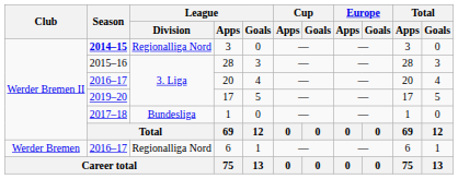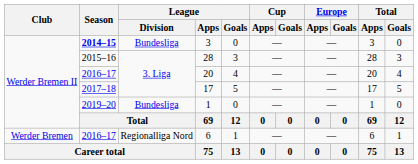 <table class="wikitable" style="text-align: center">
 <tr>
 <th rowspan="2">Club</th>
 <th rowspan="2">Season</th>
 <th colspan="3">League</th>
 <th colspan="2">Cup</th>
 <th colspan="2"><a href='#'>Europe</a></th>
 <th colspan="2">Total</th>
 </tr>
 <tr>
 <th>Division</th>
 <th>Apps</th>
 <th>Goals</th>
 <th>Apps</th>
 <th>Goals</th>
 <th>Apps</th>
 <th>Goals</th>
 <th>Apps</th>
 <th>Goals</th>
 </tr>
 <tr>
 <td rowspan="6"><a href='#'>Werder Bremen II</a></td>
 <td><strong><a href='#'>2014–15</a></strong></td>
-<td><a href='#'>Regionalliga Nord</a></td>
+<td><a href='#'>Bundesliga</a></td>
 <td>3</td>
 <td>0</td>
 <td colspan="2">—</td>
 <td colspan="2">—</td>
 <td>3</td>
 <td>0</td>
 </tr>
 <tr>
 <td>2015–16</td>
 <td rowspan="3"><a href='#'>3. Liga</a></td>
 <td>28</td>
 <td>3</td>
 <td colspan="2">—</td>
 <td colspan="2">—</td>
 <td>28</td>
 <td>3</td>
 </tr>
 <tr>
 <td><a href='#'>2016–17</a></td>
 <td>20</td>
 <td>4</td>
 <td colspan="2">—</td>
 <td colspan="2">—</td>
 <td>20</td>
 <td>4</td>
 </tr>
 <tr>
-<td><a href='#'>2019–20</a></td>
+<td><a href='#'>2017–18</a></td>
 <td>17</td>
 <td>5</td>
 <td colspan="2">—</td>
 <td colspan="2">—</td>
 <td>17</td>
 <td>5</td>
 </tr>
 <tr>
-<td><a href='#'>2017–18</a></td>
+<td><a href='#'>2019–20</a></td>
 <td><a href='#'>Bundesliga</a></td>
 <td>1</td>
 <td>0</td>
 <td colspan="2">—</td>
 <td colspan="2">—</td>
 <td>1</td>
 <td>0</td>
 </tr>
 <tr>
 <th colspan="2">Total</th>
 <th>69</th>
 <th>12</th>
 <th>0</th>
 <th>0</th>
 <th>0</th>
 <th>0</th>
 <th>69</th>
 <th>12</th>
 </tr>
 <tr>
 <td><a href='#'>Werder Bremen</a></td>
 <td><a href='#'>2016–17</a></td>
 <td>Regionalliga Nord</td>
 <td>6</td>
 <td>1</td>
 <td colspan="2">—</td>
 <td colspan="2">—</td>
 <td>6</td>
 <td>1</td>
 </tr>
 <tr>
 <th colspan="3">Career total</th>
 <th>75</th>
 <th>13</th>
 <th>0</th>
 <th>0</th>
 <th>0</th>
 <th>0</th>
 <th>75</th>
 <th>13</th>
 </tr>
 </table>
